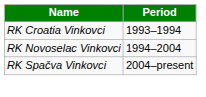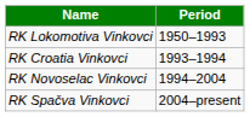 <table class="wikitable" style="text-align: left">
 <tr>
 <th style="color:#FFFFFF; background:#008000">Name</th>
 <th style="color:#FFFFFF; background:#008000">Period</th>
+</tr>
+<tr>
+<td align=left><em>RK Lokomotiva Vinkovci</em></td>
+<td>1950–1993</td>
 </tr>
 <tr>
 <td align=left><em>RK Croatia Vinkovci</em></td>
 <td>1993–1994</td>
 </tr>
 <tr>
 <td align=left><em>RK Novoselac Vinkovci</em></td>
 <td>1994–2004</td>
 </tr>
 <tr>
 <td align=left><em>RK Spačva Vinkovci</em></td>
 <td>2004–present</td>
 </tr>
 </table>
